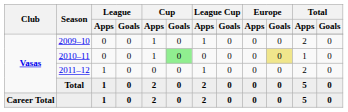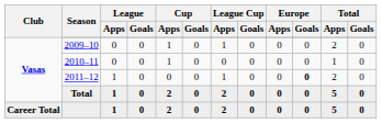 <table class="wikitable" style="font-size:90%; text-align: center;">
 <tr>
 <th rowspan="2">Club</th>
 <th rowspan="2">Season</th>
 <th colspan="2">League</th>
 <th colspan="2">Cup</th>
 <th colspan="2">League Cup</th>
 <th colspan="2">Europe</th>
 <th colspan="2">Total</th>
 </tr>
 <tr>
 <th>Apps</th>
 <th>Goals</th>
 <th>Apps</th>
 <th>Goals</th>
 <th>Apps</th>
 <th>Goals</th>
 <th>Apps</th>
 <th>Goals</th>
 <th>Apps</th>
 <th>Goals</th>
 </tr>
 <tr ||-||-||-|->
 <td rowspan="5" valign="center"><strong><a href='#'>Vasas</a></strong></td>
 </tr>
 <tr>
 <td><a href='#'>2009–10</a></td>
 <td>0</td>
 <td>0</td>
 <td>1</td>
 <td>0</td>
 <td>1</td>
 <td>0</td>
 <td>0</td>
 <td>0</td>
 <td>2</td>
 <td>0</td>
 </tr>
 <tr>
 <td><a href='#'>2010–11</a></td>
 <td>0</td>
 <td>0</td>
 <td>1</td>
-<td style="background: lightgreen;">0</td>
 <td>0</td>
 <td>0</td>
 <td>0</td>
-<td style="background: khaki;">0</td>
+<td>0</td>
+<td>0</td>
 <td>1</td>
 <td>0</td>
 </tr>
 <tr>
 <td><a href='#'>2011–12</a></td>
 <td>1</td>
 <td>0</td>
 <td>0</td>
 <td>0</td>
 <td>1</td>
 <td>0</td>
 <td>0</td>
-<td>0</td>
+<td><strong>0</strong></td>
 <td>2</td>
 <td>0</td>
 </tr>
 <tr style="font-weight:bold; background-color:#eeeeee;">
 <td>Total</td>
 <td>1</td>
 <td>0</td>
 <td>2</td>
 <td>0</td>
 <td>2</td>
 <td>0</td>
 <td>0</td>
 <td>0</td>
 <td>5</td>
 <td>0</td>
 </tr>
 <tr style="font-weight:bold; background-color:#eeeeee;">
 <td rowspan="1" valign="top"><strong>Career Total</strong></td>
 <td></td>
 <td><strong>1</strong></td>
 <td><strong>0</strong></td>
 <td><strong>2</strong></td>
 <td><strong>0</strong></td>
 <td><strong>2</strong></td>
 <td><strong>0</strong></td>
 <td><strong>0</strong></td>
 <td><strong>0</strong></td>
 <td><strong>5</strong></td>
 <td><strong>0</strong></td>
 </tr>
 </table>
